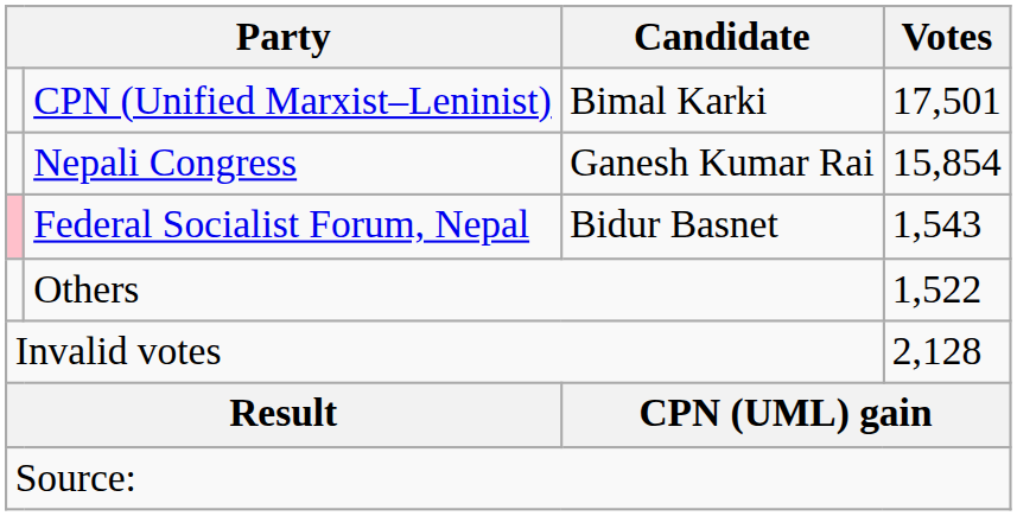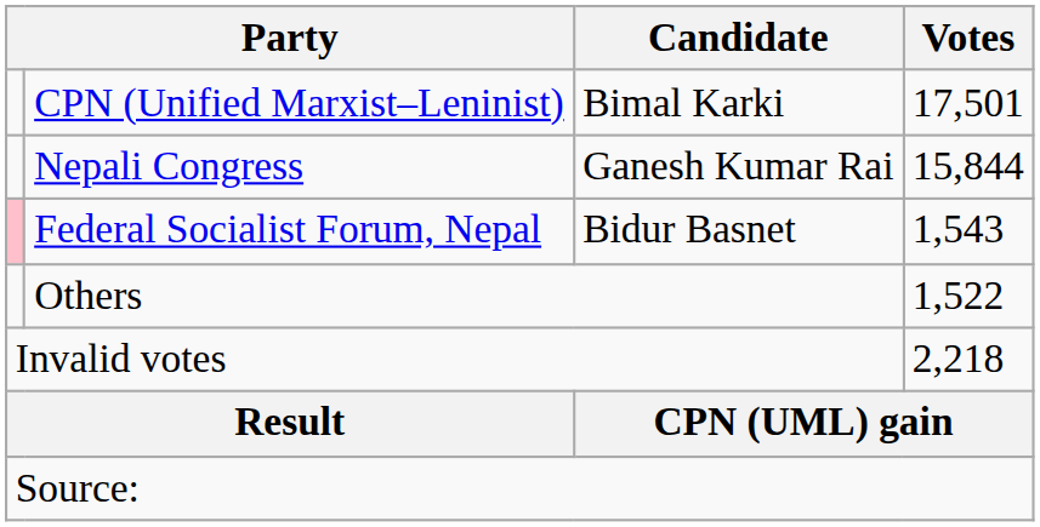 <table class="wikitable">
 <tr>
 <th colspan="2">Party</th>
 <th>Candidate</th>
 <th>Votes</th>
 </tr>
 <tr>
 <td style="background-color:"></td>
 <td><a href='#'>CPN (Unified Marxist–Leninist)</a></td>
 <td>Bimal Karki</td>
 <td>17,501</td>
 </tr>
 <tr>
 <td style="background-color:"></td>
 <td><a href='#'>Nepali Congress</a></td>
 <td>Ganesh Kumar Rai</td>
-<td>15,854</td>
+<td>15,844</td>
 </tr>
 <tr>
 <td style="background-color:pink"></td>
 <td><a href='#'>Federal Socialist Forum, Nepal</a></td>
 <td>Bidur Basnet</td>
 <td>1,543</td>
 </tr>
 <tr>
 <td></td>
 <td colspan="2">Others</td>
 <td>1,522</td>
 </tr>
 <tr>
 <td colspan="3">Invalid votes</td>
-<td>2,128</td>
+<td>2,218</td>
 </tr>
 <tr>
 <th colspan="2">Result</th>
 <th colspan="2">CPN (UML) gain</th>
 </tr>
 <tr>
 <td colspan="4">Source: </td>
 </tr>
 </table>
